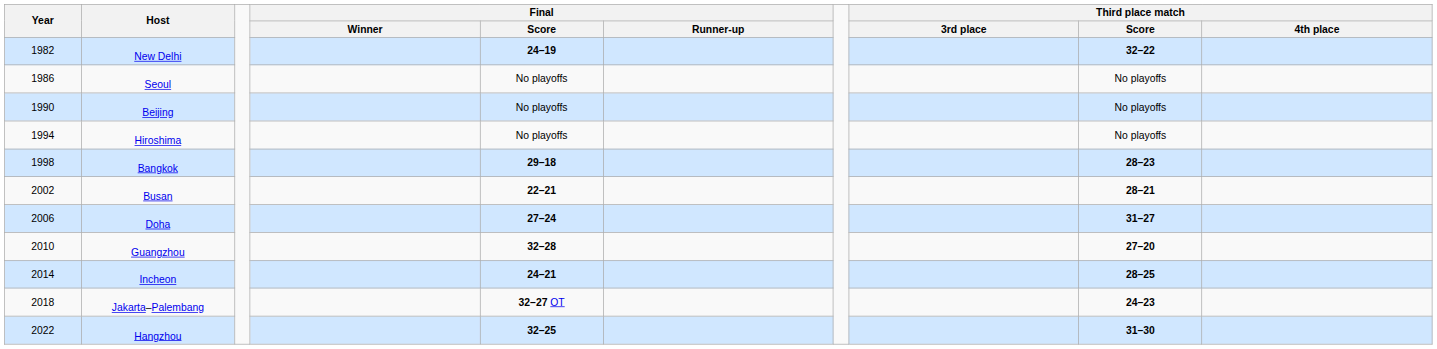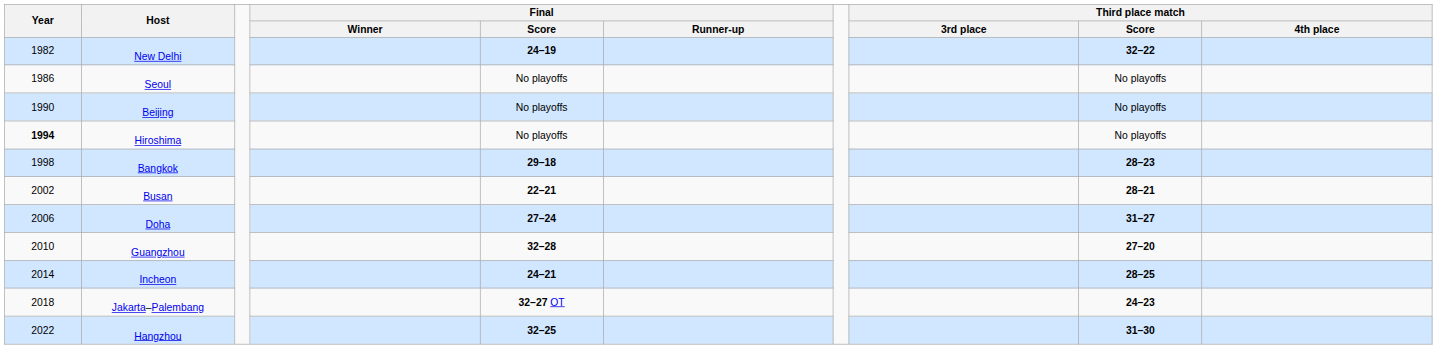 <table class="wikitable" style="font-size:90%; width: 100%; text-align: center;">
 <tr>
 <th rowspan=2 width=5%>Year</th>
 <th rowspan=2 width=10%>Host</th>
 <td width=1% rowspan=13></td>
 <th colspan=3>Final</th>
 <td width=1% rowspan=13></td>
 <th colspan=3>Third place match</th>
 </tr>
 <tr>
 <th width=15%>Winner</th>
 <th width=8%>Score</th>
 <th width=15%>Runner-up</th>
 <th width=15%>3rd place</th>
 <th width=8%>Score</th>
 <th width=15%>4th place</th>
 </tr>
 <tr bgcolor=#D0E7FF>
 <td>1982<br></td>
 <td><br><a href='#'>New Delhi</a></td>
 <td><strong></strong></td>
 <td><strong>24–19</strong></td>
 <td></td>
 <td></td>
 <td><strong>32–22</strong></td>
 <td></td>
 </tr>
 <tr>
 <td>1986<br></td>
 <td><br><a href='#'>Seoul</a></td>
 <td><strong></strong></td>
 <td><span>No playoffs</span></td>
 <td></td>
 <td></td>
 <td><span>No playoffs</span></td>
 <td></td>
 </tr>
 <tr bgcolor=#D0E7FF>
 <td>1990<br></td>
 <td><br><a href='#'>Beijing</a></td>
 <td><strong></strong></td>
 <td><span>No playoffs</span></td>
 <td></td>
 <td></td>
 <td><span>No playoffs</span></td>
 <td></td>
 </tr>
 <tr>
-<td>1994<br></td>
+<td><strong>1994<br></strong></td>
 <td><br><a href='#'>Hiroshima</a></td>
 <td><strong></strong></td>
 <td><span>No playoffs</span></td>
 <td></td>
 <td></td>
 <td><span>No playoffs</span></td>
 <td></td>
 </tr>
 <tr bgcolor=#D0E7FF>
 <td>1998<br></td>
 <td><br><a href='#'>Bangkok</a></td>
 <td><strong></strong></td>
 <td><strong>29–18</strong></td>
 <td></td>
 <td></td>
 <td><strong>28–23</strong></td>
 <td></td>
 </tr>
 <tr>
 <td>2002<br></td>
 <td><br><a href='#'>Busan</a></td>
 <td><strong></strong></td>
 <td><strong>22–21</strong></td>
 <td></td>
 <td></td>
 <td><strong>28–21</strong></td>
 <td></td>
 </tr>
 <tr bgcolor=#D0E7FF>
 <td>2006<br></td>
 <td><br><a href='#'>Doha</a></td>
 <td><strong></strong></td>
 <td><strong>27–24</strong></td>
 <td></td>
 <td></td>
 <td><strong>31–27</strong></td>
 <td></td>
 </tr>
 <tr>
 <td>2010<br></td>
 <td><br><a href='#'>Guangzhou</a></td>
 <td><strong></strong></td>
 <td><strong>32–28</strong></td>
 <td></td>
 <td></td>
 <td><strong>27–20</strong></td>
 <td></td>
 </tr>
 <tr bgcolor=#D0E7FF>
 <td>2014<br></td>
 <td><br><a href='#'>Incheon</a></td>
 <td><strong></strong></td>
 <td><strong>24–21</strong></td>
 <td></td>
 <td></td>
 <td><strong>28–25</strong></td>
 <td></td>
 </tr>
 <tr>
 <td>2018<br></td>
 <td><br><a href='#'>Jakarta</a>–<a href='#'>Palembang</a></td>
 <td><strong></strong></td>
 <td><strong>32–27</strong> <a href='#'>OT</a></td>
 <td></td>
 <td></td>
 <td><strong>24–23</strong></td>
 <td></td>
 </tr>
 <tr bgcolor=#D0E7FF>
 <td>2022<br></td>
 <td><br><a href='#'>Hangzhou</a></td>
 <td><strong></strong></td>
 <td><strong>32–25</strong></td>
 <td></td>
 <td></td>
 <td><strong>31–30</strong></td>
 <td></td>
 </tr>
 </table>
